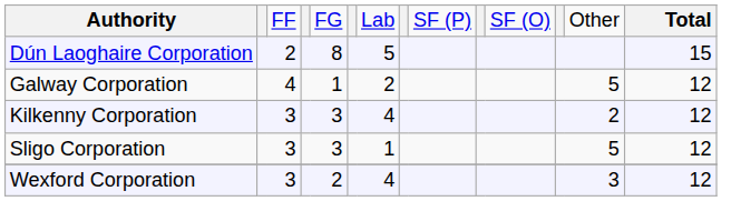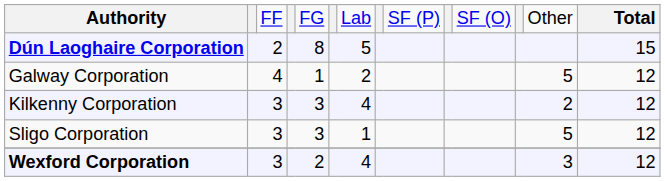 <table class="wikitable" style="text-align:right; padding-left:1em">
 <tr>
 <th align="left">Authority</th>
 <th style="background-color: "></th>
 <td><a href='#'>FF</a></td>
 <th style="background-color: "></th>
 <td><a href='#'>FG</a></td>
 <th style="background-color: "></th>
 <td><a href='#'>Lab</a></td>
 <th style="background-color: "></th>
 <td><a href='#'>SF (P)</a></td>
 <th style="background-color: "></th>
 <td><a href='#'>SF (O)</a></td>
 <th style="background-color: "></th>
 <td>Other</td>
 <th style="padding-left:2em">Total</th>
 </tr>
 <tr bgcolor="F3F3FF">
-<td align="left"><a href='#'>Dún Laoghaire Corporation</a></td>
+<td align="left"><strong><a href='#'>Dún Laoghaire Corporation</a></strong></td>
 <td colspan="2">2</td>
 <td colspan="2">8</td>
 <td colspan="2">5</td>
 <td colspan="2"></td>
 <td colspan="2"></td>
 <td colspan="2"></td>
 <td>15</td>
 </tr>
 <tr>
 <td align="left">Galway Corporation</td>
 <td colspan="2">4</td>
 <td colspan="2">1</td>
 <td colspan="2">2</td>
 <td colspan="2"></td>
 <td colspan="2"></td>
 <td colspan="2">5</td>
 <td>12</td>
 </tr>
 <tr bgcolor="F3F3FF">
 <td align="left">Kilkenny Corporation</td>
 <td colspan="2">3</td>
 <td colspan="2">3</td>
 <td colspan="2">4</td>
 <td colspan="2"></td>
 <td colspan="2"></td>
 <td colspan="2">2</td>
 <td>12</td>
 </tr>
 <tr>
 <td align="left">Sligo Corporation</td>
 <td colspan="2">3</td>
 <td colspan="2">3</td>
 <td colspan="2">1</td>
 <td colspan="2"></td>
 <td colspan="2"></td>
 <td colspan="2">5</td>
 <td>12</td>
 </tr>
 <tr>
 </tr>
 <tr bgcolor="F3F3FF">
-<td align="left">Wexford Corporation</td>
+<td align="left"><strong>Wexford Corporation</strong></td>
 <td colspan="2">3</td>
 <td colspan="2">2</td>
 <td colspan="2">4</td>
 <td colspan="2"></td>
 <td colspan="2"></td>
 <td colspan="2">3</td>
 <td>12</td>
 </tr>
 </table>
